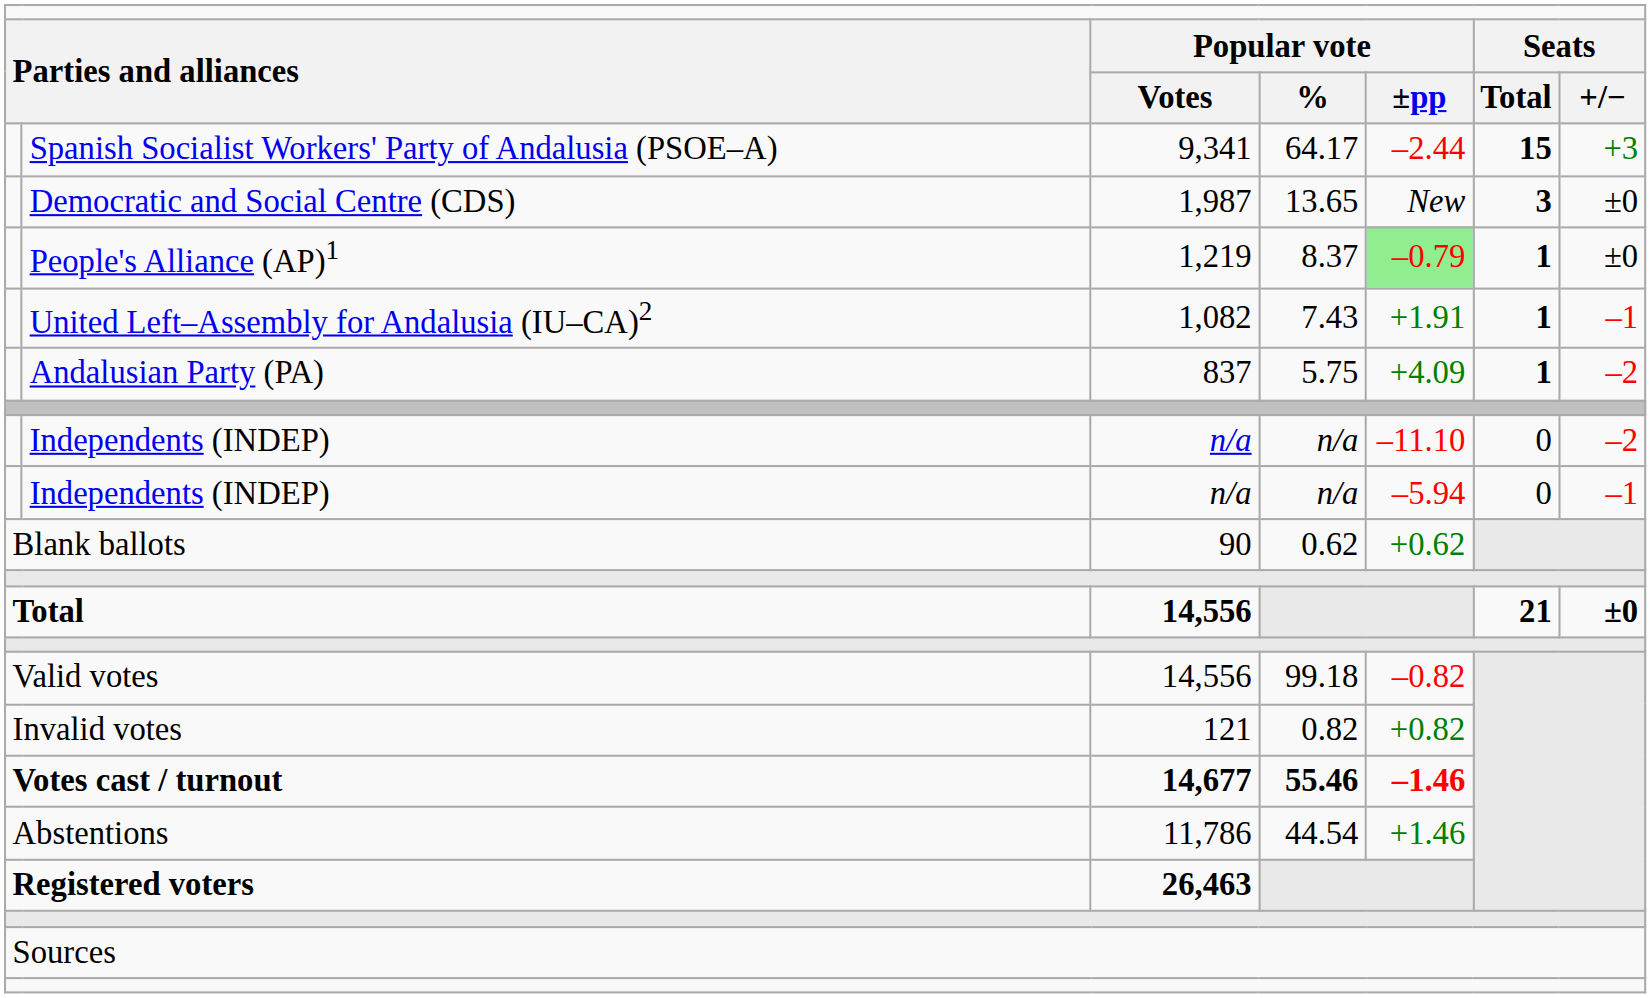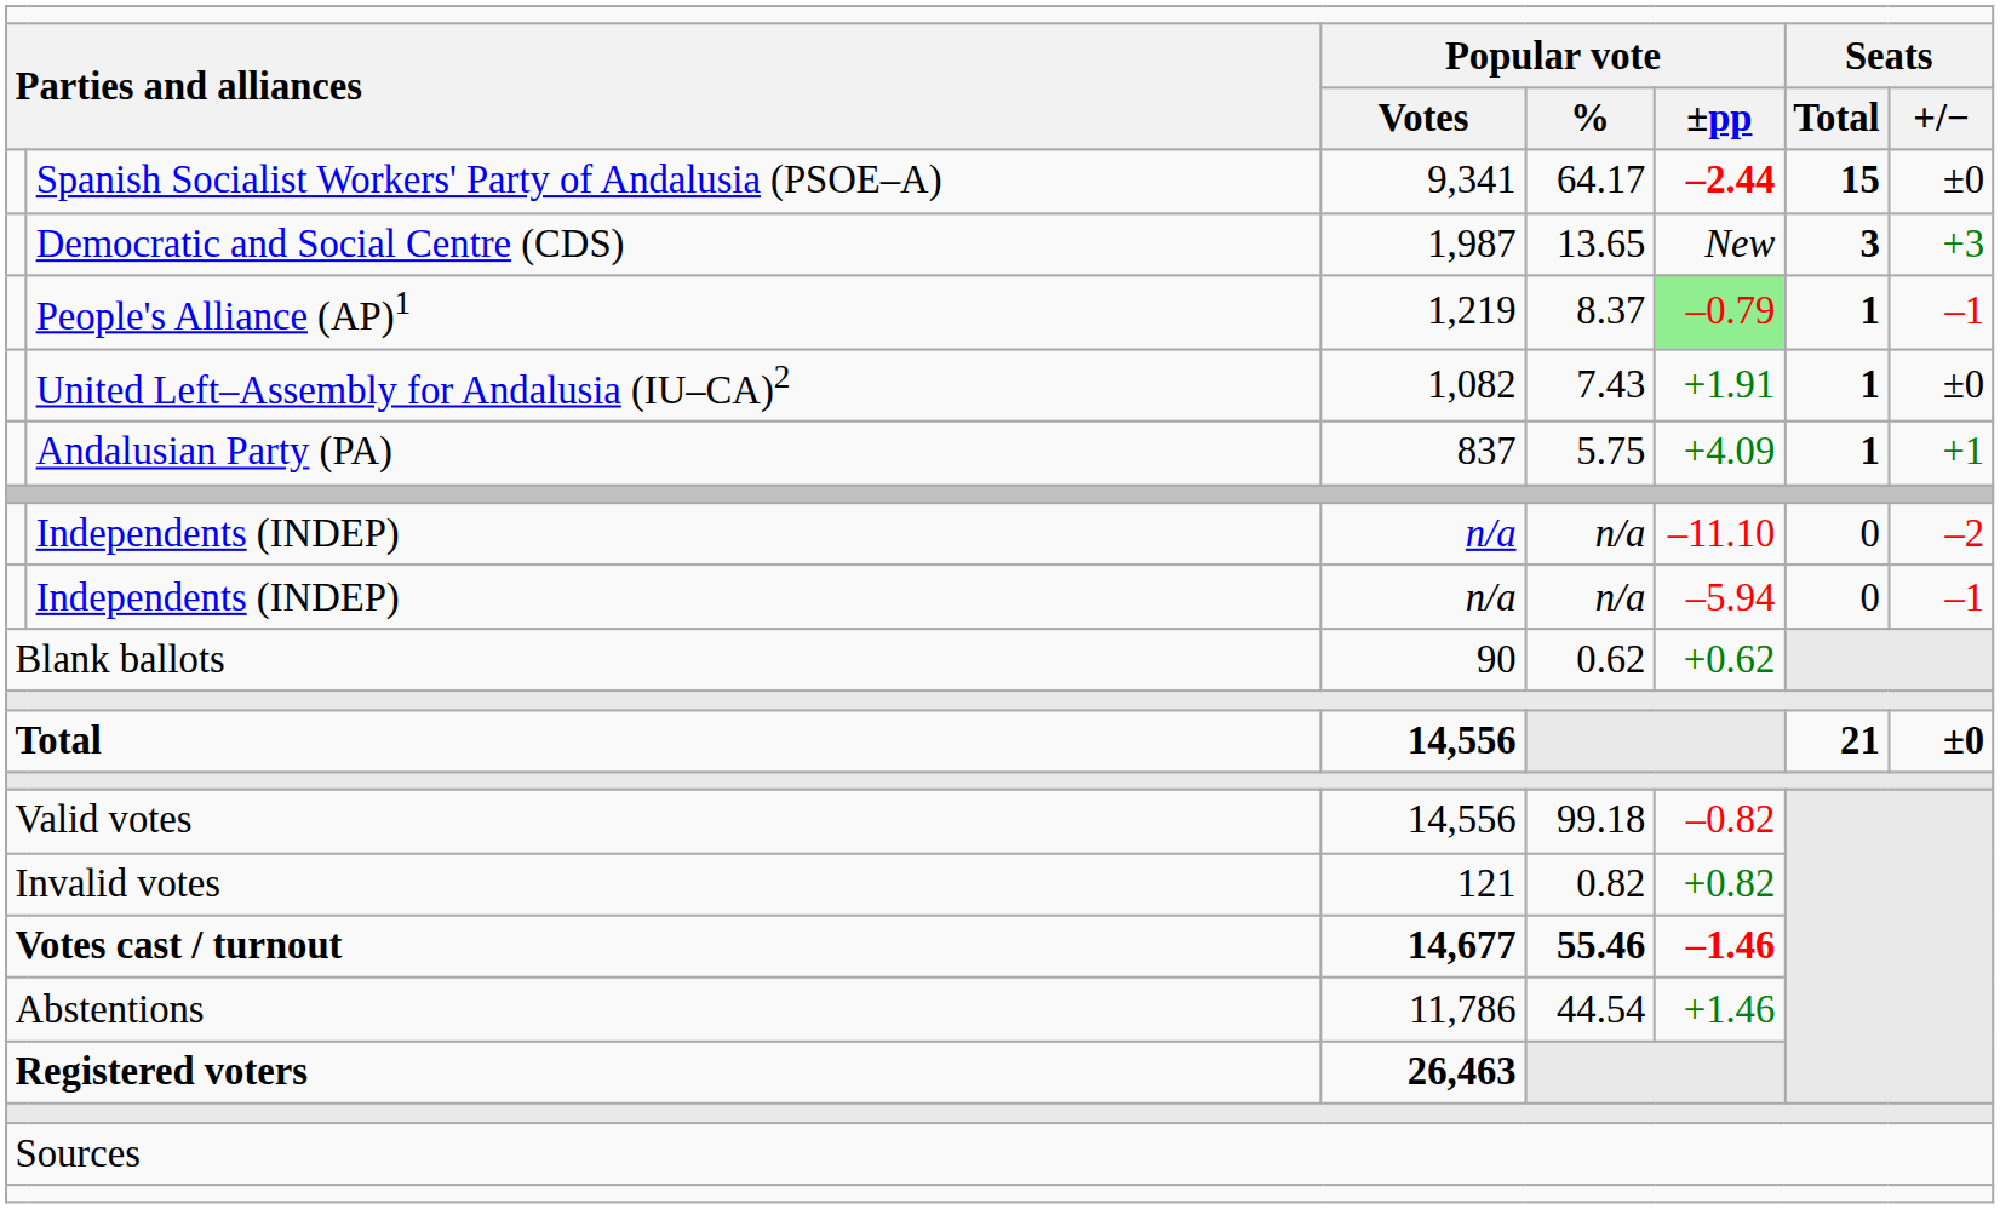 <table class="wikitable" style="text-align:right;">
 <tr>
 <td colspan="7"></td>
 </tr>
 <tr>
 <th style="text-align:left;" rowspan="2" colspan="2" width="525">Parties and alliances</th>
 <th colspan="3">Popular vote</th>
 <th colspan="2">Seats</th>
 </tr>
 <tr>
 <th width="75">Votes</th>
 <th width="45">%</th>
 <th width="45">±<a href='#'>pp</a></th>
 <th width="35">Total</th>
 <th width="35">+/−</th>
 </tr>
 <tr>
 <td width="1" style="color:inherit;background:"></td>
 <td align="left"><a href='#'>Spanish Socialist Workers' Party of Andalusia</a> (PSOE–A)</td>
 <td>9,341</td>
 <td>64.17</td>
-<td style="color:red;">–2.44</td>
+<td style="color:red;"><strong>–2.44</strong></td>
 <td><strong>15</strong></td>
-<td style="color:green;">+3</td>
+<td>±0</td>
 </tr>
 <tr>
 <td style="color:inherit;background:"></td>
 <td align="left"><a href='#'>Democratic and Social Centre</a> (CDS)</td>
 <td>1,987</td>
 <td>13.65</td>
 <td><em>New</em></td>
 <td><strong>3</strong></td>
-<td>±0</td>
+<td style="color:green;">+3</td>
 </tr>
 <tr>
 <td style="color:inherit;background:"></td>
 <td align="left"><a href='#'>People's Alliance</a> (AP)<sup>1</sup></td>
 <td>1,219</td>
 <td>8.37</td>
 <td style="background: lightgreen; color:red;">–0.79</td>
 <td><strong>1</strong></td>
-<td>±0</td>
+<td style="color:red;">–1</td>
 </tr>
 <tr>
 <td style="color:inherit;background:"></td>
 <td align="left"><a href='#'>United Left–Assembly for Andalusia</a> (IU–CA)<sup>2</sup></td>
 <td>1,082</td>
 <td>7.43</td>
 <td style="color:green;">+1.91</td>
 <td><strong>1</strong></td>
-<td style="color:red;">–1</td>
+<td>±0</td>
 </tr>
 <tr>
 <td style="color:inherit;background:"></td>
 <td align="left"><a href='#'>Andalusian Party</a> (PA)</td>
 <td>837</td>
 <td>5.75</td>
 <td style="color:green;">+4.09</td>
 <td><strong>1</strong></td>
-<td style="color:red;">–2</td>
+<td style="color:green;">+1</td>
 </tr>
 <tr>
 <td colspan="7" bgcolor="#C0C0C0"></td>
 </tr>
 <tr>
 <td style="color:inherit;background:"></td>
 <td align="left"><a href='#'>Independents</a> (INDEP)</td>
 <td><em><a href='#'>n/a</a></em></td>
 <td><em>n/a</em></td>
 <td style="color:red;">–11.10</td>
 <td>0</td>
 <td style="color:red;">–2</td>
 </tr>
 <tr>
 <td style="color:inherit;background:"></td>
 <td align="left"><a href='#'>Independents</a> (INDEP)</td>
 <td><em>n/a</em></td>
 <td><em>n/a</em></td>
 <td style="color:red;">–5.94</td>
 <td>0</td>
 <td style="color:red;">–1</td>
 </tr>
 <tr>
 <td align="left" colspan="2">Blank ballots</td>
 <td>90</td>
 <td>0.62</td>
 <td style="color:green;">+0.62</td>
 <td bgcolor="#E9E9E9" colspan="2"></td>
 </tr>
 <tr>
 <td colspan="7" bgcolor="#E9E9E9"></td>
 </tr>
 <tr style="font-weight:bold;">
 <td align="left" colspan="2">Total</td>
 <td>14,556</td>
 <td bgcolor="#E9E9E9" colspan="2"></td>
 <td>21</td>
 <td>±0</td>
 </tr>
 <tr>
 <td colspan="7" bgcolor="#E9E9E9"></td>
 </tr>
 <tr>
 <td align="left" colspan="2">Valid votes</td>
 <td>14,556</td>
 <td>99.18</td>
 <td style="color:red;">–0.82</td>
 <td bgcolor="#E9E9E9" colspan="2" rowspan="5"></td>
 </tr>
 <tr>
 <td align="left" colspan="2">Invalid votes</td>
 <td>121</td>
 <td>0.82</td>
 <td style="color:green;">+0.82</td>
 </tr>
 <tr style="font-weight:bold;">
 <td align="left" colspan="2">Votes cast / turnout</td>
 <td>14,677</td>
 <td>55.46</td>
 <td style="color:red;">–1.46</td>
 </tr>
 <tr>
 <td align="left" colspan="2">Abstentions</td>
 <td>11,786</td>
 <td>44.54</td>
 <td style="color:green;">+1.46</td>
 </tr>
 <tr style="font-weight:bold;">
 <td align="left" colspan="2">Registered voters</td>
 <td>26,463</td>
 <td bgcolor="#E9E9E9" colspan="2"></td>
 </tr>
 <tr>
 <td colspan="7" bgcolor="#E9E9E9"></td>
 </tr>
 <tr>
 <td align="left" colspan="7">Sources</td>
 </tr>
 <tr>
 <td colspan="7" style="text-align:left; max-width:790px;"></td>
 </tr>
 </table>
